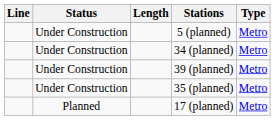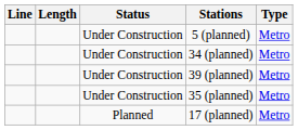 <table class="wikitable">
 <tr>
 <th>Line</th>
+<th>Length</th>
 <th>Status</th>
-<th>Length</th>
 <th>Stations</th>
 <th>Type</th>
 </tr>
 <tr>
 <td style="text-align:center; color:#FFFFFF; background-color:#"><strong><a href='#'></a></strong></td>
+<td></td>
 <td style="text-align:center">Under Construction</td>
-<td></td>
 <td style="text-align:center">5 (planned)</td>
 <td><a href='#'>Metro</a></td>
 </tr>
 <tr>
 <td style="text-align:center; color:#FFFFFF; background-color:#"><strong><a href='#'></a></strong></td>
+<td></td>
 <td style="text-align:center">Under Construction</td>
-<td></td>
 <td style="text-align:center">34 (planned)</td>
 <td><a href='#'>Metro</a></td>
 </tr>
 <tr>
 <td style="text-align:center; color:#FFFFFF; background-color:#"><strong><a href='#'></a></strong></td>
+<td></td>
 <td style="text-align:center">Under Construction</td>
-<td></td>
 <td style="text-align:center">39 (planned)</td>
 <td><a href='#'>Metro</a></td>
 </tr>
 <tr>
 <td style="text-align:center; color:#FFFFFF; background-color:#"><strong><a href='#'></a></strong></td>
+<td></td>
 <td style="text-align:center">Under Construction</td>
-<td></td>
 <td style="text-align:center">35 (planned)</td>
 <td><a href='#'>Metro</a></td>
 </tr>
 <tr>
 <td style="text-align:center; color:#FFFFFF; background-color:#"><strong><a href='#'></a></strong></td>
+<td></td>
 <td style="text-align:center">Planned</td>
-<td></td>
 <td style="text-align:center">17 (planned)</td>
 <td><a href='#'>Metro</a></td>
 </tr>
 </table>
